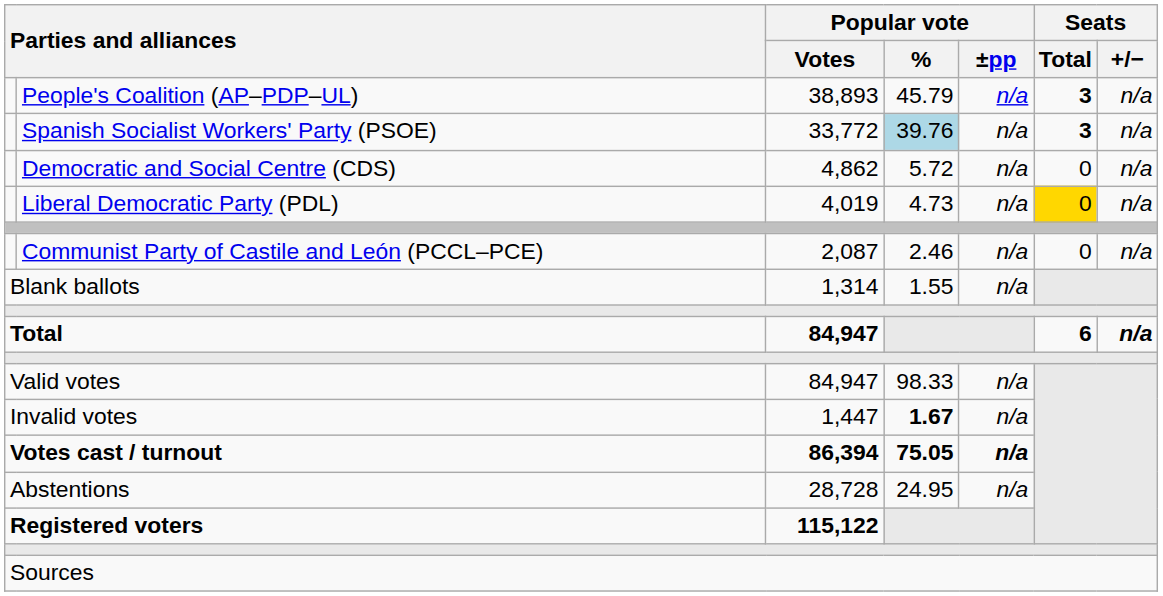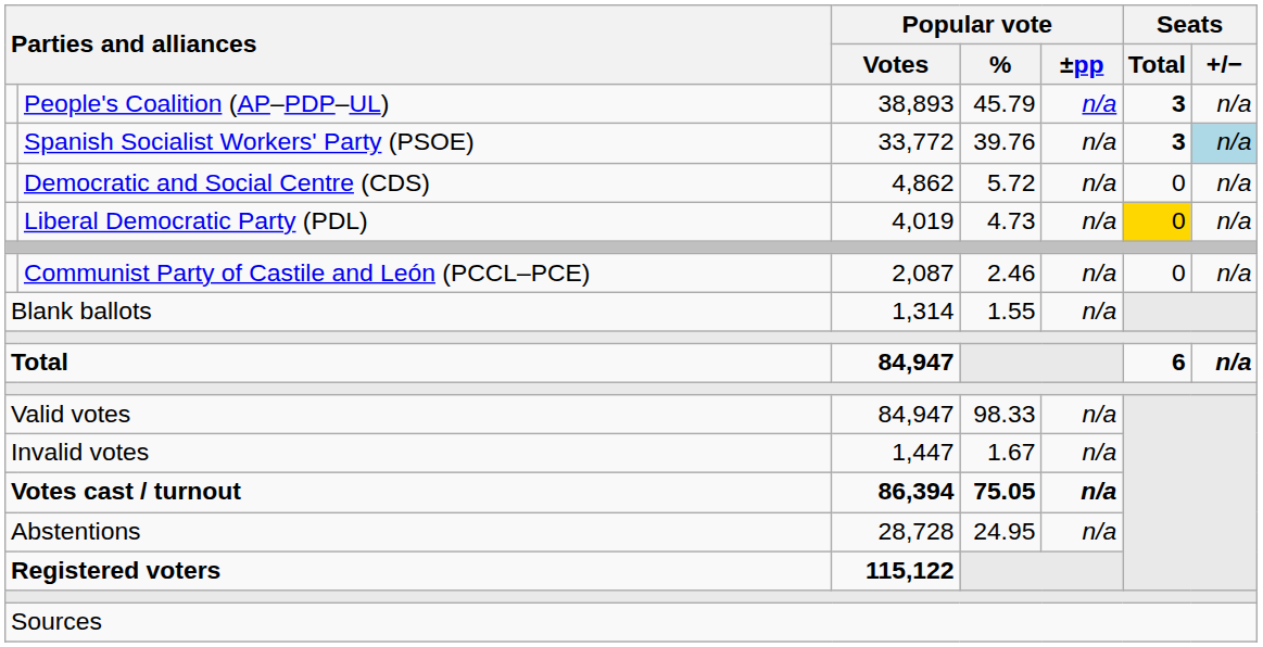 <table class="wikitable" style="text-align:right;">
 <tr>
 <th style="text-align:left;" rowspan="2" colspan="2" width="525">Parties and alliances</th>
 <th colspan="3">Popular vote</th>
 <th colspan="2">Seats</th>
 </tr>
 <tr>
 <th width="75">Votes</th>
 <th width="45">%</th>
 <th width="45">±<a href='#'>pp</a></th>
 <th width="35">Total</th>
 <th width="35">+/−</th>
 </tr>
 <tr>
 <td width="1" style="color:inherit;background:"></td>
 <td align="left"><a href='#'>People's Coalition</a> (<a href='#'>AP</a>–<a href='#'>PDP</a>–<a href='#'>UL</a>)</td>
 <td>38,893</td>
 <td>45.79</td>
 <td><em><a href='#'>n/a</a></em></td>
 <td><strong>3</strong></td>
 <td><em>n/a</em></td>
 </tr>
 <tr>
 <td style="color:inherit;background:"></td>
 <td align="left"><a href='#'>Spanish Socialist Workers' Party</a> (PSOE)</td>
 <td>33,772</td>
-<td style="background: lightblue;">39.76</td>
+<td>39.76</td>
 <td><em>n/a</em></td>
 <td><strong>3</strong></td>
-<td><em>n/a</em></td>
+<td style="background: lightblue;"><em>n/a</em></td>
 </tr>
 <tr>
 <td style="color:inherit;background:"></td>
 <td align="left"><a href='#'>Democratic and Social Centre</a> (CDS)</td>
 <td>4,862</td>
 <td>5.72</td>
 <td><em>n/a</em></td>
 <td>0</td>
 <td><em>n/a</em></td>
 </tr>
 <tr>
 <td style="color:inherit;background:"></td>
 <td align="left"><a href='#'>Liberal Democratic Party</a> (PDL)</td>
 <td>4,019</td>
 <td>4.73</td>
 <td><em>n/a</em></td>
 <td style="background: gold;">0</td>
 <td><em>n/a</em></td>
 </tr>
 <tr>
 <td colspan="7" bgcolor="#C0C0C0"></td>
 </tr>
 <tr>
 <td style="color:inherit;background:"></td>
 <td align="left"><a href='#'>Communist Party of Castile and León</a> (PCCL–PCE)</td>
 <td>2,087</td>
 <td>2.46</td>
 <td><em>n/a</em></td>
 <td>0</td>
 <td><em>n/a</em></td>
 </tr>
 <tr>
 <td align="left" colspan="2">Blank ballots</td>
 <td>1,314</td>
 <td>1.55</td>
 <td><em>n/a</em></td>
 <td bgcolor="#E9E9E9" colspan="2"></td>
 </tr>
 <tr>
 <td colspan="7" bgcolor="#E9E9E9"></td>
 </tr>
 <tr style="font-weight:bold;">
 <td align="left" colspan="2">Total</td>
 <td>84,947</td>
 <td bgcolor="#E9E9E9" colspan="2"></td>
 <td>6</td>
 <td><em>n/a</em></td>
 </tr>
 <tr>
 <td colspan="7" bgcolor="#E9E9E9"></td>
 </tr>
 <tr>
 <td align="left" colspan="2">Valid votes</td>
 <td>84,947</td>
 <td>98.33</td>
 <td><em>n/a</em></td>
 <td bgcolor="#E9E9E9" colspan="2" rowspan="5"></td>
 </tr>
 <tr>
 <td align="left" colspan="2">Invalid votes</td>
 <td>1,447</td>
-<td><strong>1.67</strong></td>
+<td>1.67</td>
 <td><em>n/a</em></td>
 </tr>
 <tr style="font-weight:bold;">
 <td align="left" colspan="2">Votes cast / turnout</td>
 <td>86,394</td>
 <td>75.05</td>
 <td><em>n/a</em></td>
 </tr>
 <tr>
 <td align="left" colspan="2">Abstentions</td>
 <td>28,728</td>
 <td>24.95</td>
 <td><em>n/a</em></td>
 </tr>
 <tr style="font-weight:bold;">
 <td align="left" colspan="2">Registered voters</td>
 <td>115,122</td>
 <td bgcolor="#E9E9E9" colspan="2"></td>
 </tr>
 <tr>
 <td colspan="7" bgcolor="#E9E9E9"></td>
 </tr>
 <tr>
 <td align="left" colspan="7">Sources</td>
 </tr>
 </table>
